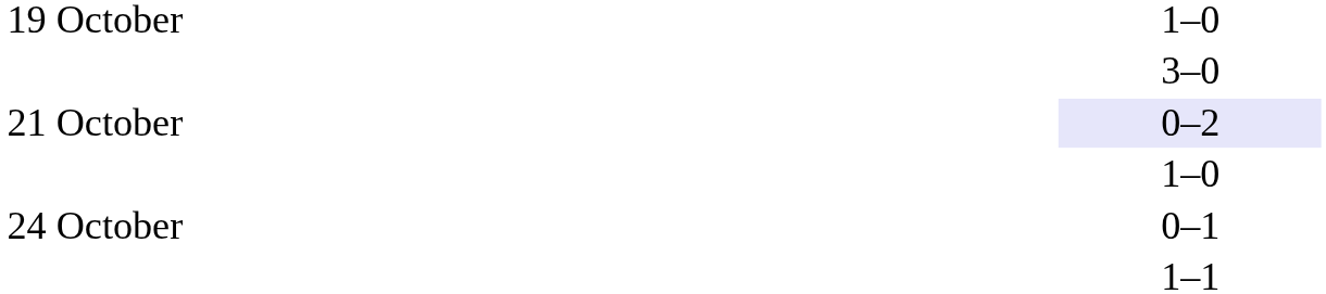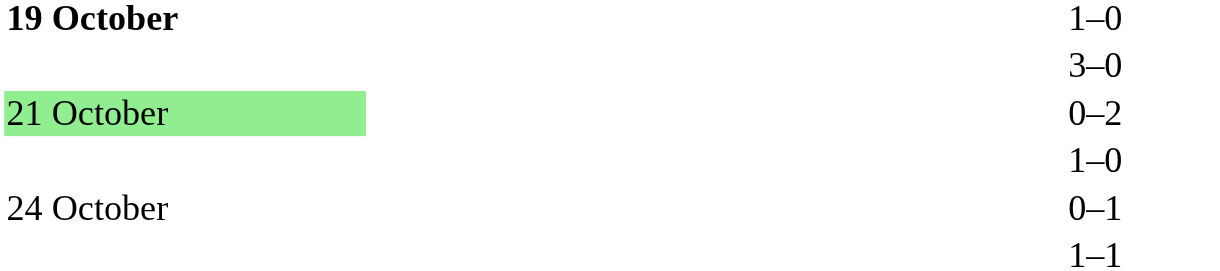 <table cellspacing=1 width=85%>
 <tr>
 <th width=15%></th>
 <th width=25%></th>
 <th width=10%></th>
 <th width=25%></th>
 <th width=25%></th>
 </tr>
 <tr>
-<td>19 October</td>
+<td><strong>19 October</strong></td>
 <td align=right></td>
 <td align=center>1–0</td>
 <td></td>
 </tr>
 <tr>
 <td></td>
 <td align=right></td>
 <td align=center>3–0</td>
 <td></td>
 </tr>
 <tr>
-<td>21 October</td>
+<td style="background: lightgreen;">21 October</td>
 <td align=right></td>
-<td align=center style="background: lavender;">0–2</td>
+<td align=center>0–2</td>
 <td></td>
 </tr>
 <tr>
 <td></td>
 <td align=right></td>
 <td align=center>1–0</td>
 <td></td>
 </tr>
 <tr>
 <td>24 October</td>
 <td align=right></td>
 <td align=center>0–1</td>
 <td></td>
 </tr>
 <tr>
 <td></td>
 <td align=right></td>
 <td align=center>1–1</td>
 <td></td>
 </tr>
 </table>
